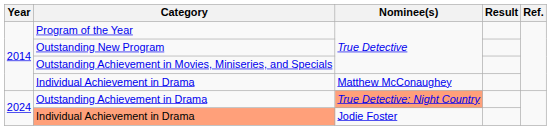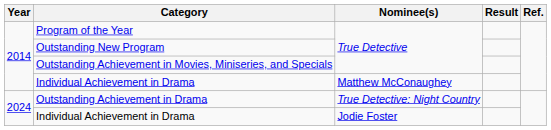 <table class="wikitable plainrowheaders">
 <tr>
 <th>Year</th>
 <th>Category</th>
 <th>Nominee(s)</th>
 <th>Result</th>
 <th>Ref.</th>
 </tr>
 <tr>
 <td rowspan="4"><a href='#'>2014</a></td>
 <td><a href='#'>Program of the Year</a></td>
 <td rowspan="3"><em><a href='#'>True Detective</a></em></td>
 <td></td>
 <td align="center" rowspan="4"> <br> </td>
 </tr>
 <tr>
 <td><a href='#'>Outstanding New Program</a></td>
 <td></td>
 </tr>
 <tr>
 <td><a href='#'>Outstanding Achievement in Movies, Miniseries, and Specials</a></td>
 <td></td>
 </tr>
 <tr>
 <td><a href='#'>Individual Achievement in Drama</a></td>
 <td><a href='#'>Matthew McConaughey</a></td>
 <td></td>
 </tr>
 <tr>
 <td rowspan="2"><a href='#'>2024</a></td>
 <td><a href='#'>Outstanding Achievement in Drama</a></td>
-<td style="background: lightsalmon;"><em><a href='#'>True Detective: Night Country</a></em></td>
+<td><em><a href='#'>True Detective: Night Country</a></em></td>
 <td></td>
 <td align="center" rowspan="2"></td>
 </tr>
 <tr>
-<td style="background: lightsalmon;">Individual Achievement in Drama</td>
+<td>Individual Achievement in Drama</td>
 <td><a href='#'>Jodie Foster</a></td>
 <td></td>
 </tr>
 </table>
